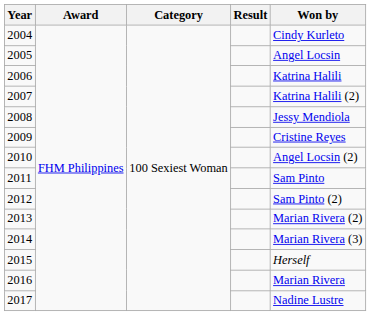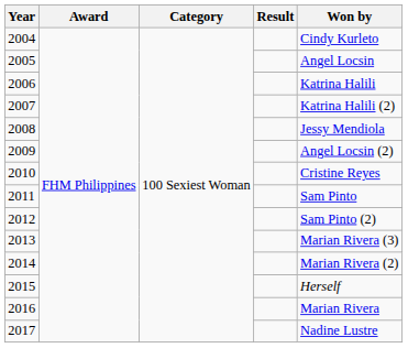 <table class="wikitable" style="font-size: 90%;">
 <tr>
 <th>Year</th>
 <th>Award</th>
 <th>Category</th>
 <th>Result</th>
 <th>Won by</th>
 </tr>
 <tr>
 <td>2004</td>
 <td rowspan="14"><a href='#'>FHM Philippines</a></td>
 <td rowspan="14">100 Sexiest Woman</td>
 <td></td>
 <td><a href='#'>Cindy Kurleto</a></td>
 </tr>
 <tr>
 <td>2005</td>
 <td></td>
 <td><a href='#'>Angel Locsin</a></td>
 </tr>
 <tr>
 <td>2006</td>
 <td></td>
 <td><a href='#'>Katrina Halili</a></td>
 </tr>
 <tr>
 <td>2007</td>
 <td></td>
 <td><a href='#'>Katrina Halili</a> (2)</td>
 </tr>
 <tr>
 <td>2008</td>
 <td></td>
 <td><a href='#'>Jessy Mendiola</a></td>
 </tr>
 <tr>
 <td>2009</td>
 <td></td>
-<td><a href='#'>Cristine Reyes</a></td>
+<td><a href='#'>Angel Locsin</a> (2)</td>
 </tr>
 <tr>
 <td>2010</td>
 <td></td>
-<td><a href='#'>Angel Locsin</a> (2)</td>
+<td><a href='#'>Cristine Reyes</a></td>
 </tr>
 <tr>
 <td>2011</td>
 <td></td>
 <td><a href='#'>Sam Pinto</a></td>
 </tr>
 <tr>
 <td>2012</td>
 <td></td>
 <td><a href='#'>Sam Pinto</a> (2)</td>
 </tr>
 <tr>
 <td>2013</td>
 <td></td>
-<td><a href='#'>Marian Rivera</a> (2)</td>
+<td><a href='#'>Marian Rivera</a> (3)</td>
 </tr>
 <tr>
 <td>2014</td>
 <td></td>
-<td><a href='#'>Marian Rivera</a> (3)</td>
+<td><a href='#'>Marian Rivera</a> (2)</td>
 </tr>
 <tr>
 <td>2015</td>
 <td></td>
 <td><em>Herself</em></td>
 </tr>
 <tr>
 <td>2016</td>
 <td></td>
 <td><a href='#'>Marian Rivera</a></td>
 </tr>
 <tr>
 <td>2017</td>
 <td></td>
 <td><a href='#'>Nadine Lustre</a></td>
 </tr>
 </table>
